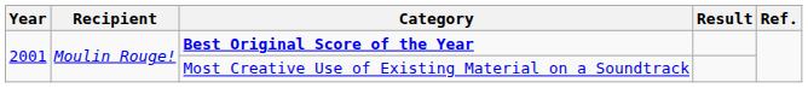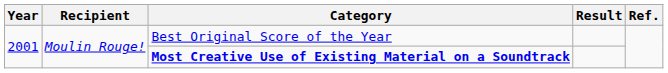 <table class="wikitable">
 <tr>
 <th>Year</th>
 <th>Recipient</th>
 <th>Category</th>
 <th>Result</th>
 <th>Ref.</th>
 </tr>
 <tr>
 <td rowspan="2"><a href='#'>2001</a></td>
 <td rowspan="2"><em><a href='#'>Moulin Rouge!</a></em></td>
-<td><strong><a href='#'>Best Original Score of the Year</a></strong></td>
+<td><a href='#'>Best Original Score of the Year</a></td>
 <td></td>
 <td rowspan="2"></td>
 </tr>
 <tr>
-<td><a href='#'>Most Creative Use of Existing Material on a Soundtrack</a></td>
+<td><strong><a href='#'>Most Creative Use of Existing Material on a Soundtrack</a></strong></td>
 <td></td>
 </tr>
 </table>
